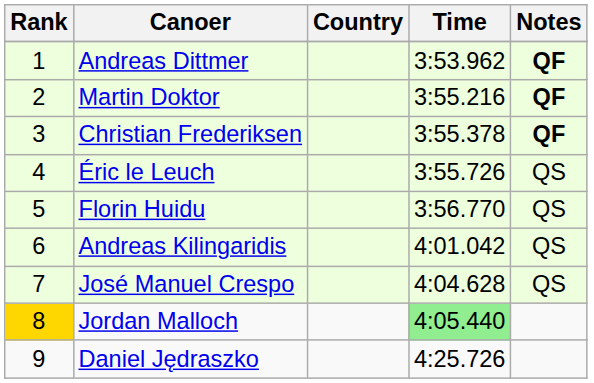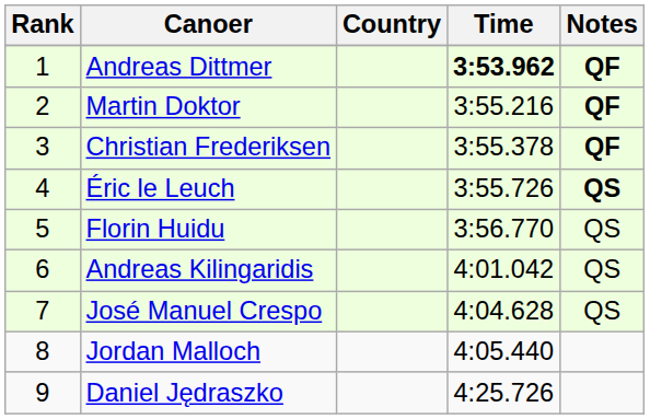 <table class="wikitable sortable" style="text-align:center">
 <tr>
 <th>Rank</th>
 <th>Canoer</th>
 <th>Country</th>
 <th>Time</th>
 <th>Notes</th>
 </tr>
 <tr>
 </tr>
 <tr bgcolor = "eeffdd">
 <td align="center">1</td>
 <td align="left"><a href='#'>Andreas Dittmer</a></td>
 <td align="left"></td>
-<td align="center">3:53.962</td>
+<td align="center"><strong>3:53.962</strong></td>
 <td align="center"><strong>QF</strong></td>
 </tr>
 <tr bgcolor = "eeffdd">
 <td align="center">2</td>
 <td align="left"><a href='#'>Martin Doktor</a></td>
 <td align="left"></td>
 <td align="center">3:55.216</td>
 <td align="center"><strong>QF</strong></td>
 </tr>
 <tr bgcolor = "eeffdd">
 <td align="center">3</td>
 <td align="left"><a href='#'>Christian Frederiksen</a></td>
 <td align="left"></td>
 <td align="center">3:55.378</td>
 <td align="center"><strong>QF</strong></td>
 </tr>
 <tr bgcolor = "eeffdd">
 <td align="center">4</td>
 <td align="left"><a href='#'>Éric le Leuch</a></td>
 <td align="left"></td>
 <td align="center">3:55.726</td>
-<td align="center">QS</td>
+<td align="center"><strong>QS</strong></td>
 </tr>
 <tr bgcolor = "eeffdd">
 <td align="center">5</td>
 <td align="left"><a href='#'>Florin Huidu</a></td>
 <td align="left"></td>
 <td align="center">3:56.770</td>
 <td align="center">QS</td>
 </tr>
 <tr bgcolor = "eeffdd">
 <td align="center">6</td>
 <td align="left"><a href='#'>Andreas Kilingaridis</a></td>
 <td align="left"></td>
 <td align="center">4:01.042</td>
 <td align="center">QS</td>
 </tr>
 <tr bgcolor = "eeffdd">
 <td align="center">7</td>
 <td align="left"><a href='#'>José Manuel Crespo</a></td>
 <td align="left"></td>
 <td align="center">4:04.628</td>
 <td align="center">QS</td>
 </tr>
 <tr>
-<td align="center" style="background: gold;">8</td>
+<td align="center">8</td>
 <td align="left"><a href='#'>Jordan Malloch</a></td>
 <td align="left"></td>
-<td align="center" style="background: lightgreen;">4:05.440</td>
+<td align="center">4:05.440</td>
 <td align="center"></td>
 </tr>
 <tr>
 <td align="center">9</td>
 <td align="left"><a href='#'>Daniel Jędraszko</a></td>
 <td align="left"></td>
 <td align="center">4:25.726</td>
 <td align="center"></td>
 </tr>
 </table>
